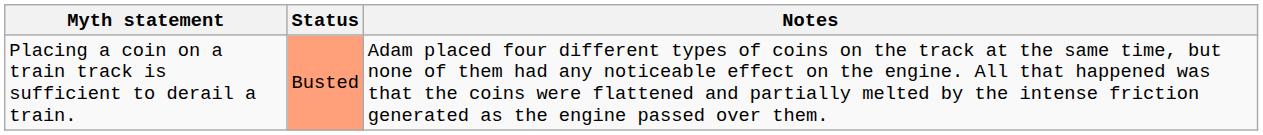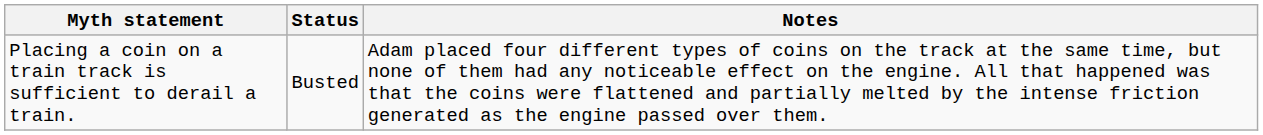 <table class="wikitable">
 <tr>
 <th>Myth statement</th>
 <th>Status</th>
 <th>Notes</th>
 </tr>
 <tr>
 <td>Placing a coin on a train track is sufficient to derail a train.</td>
-<td style="background: lightsalmon;"><span>Busted</span></td>
+<td><span>Busted</span></td>
 <td>Adam placed four different types of coins on the track at the same time, but none of them had any noticeable effect on the engine. All that happened was that the coins were flattened and partially melted by the intense friction generated as the engine passed over them.</td>
 </tr>
 </table>
